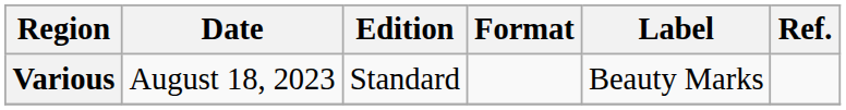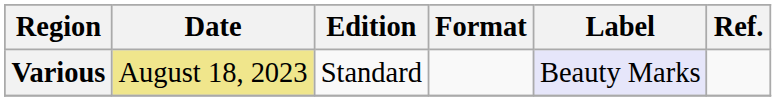 <table class="wikitable plainrowheaders">
 <tr>
 <th scope="col">Region</th>
 <th scope="col">Date</th>
 <th scope="col">Edition</th>
 <th scope="col">Format</th>
 <th scope="col">Label</th>
 <th scope="col">Ref.</th>
 </tr>
 <tr>
 <th scope="row">Various</th>
-<td>August 18, 2023</td>
+<td style="background: khaki;">August 18, 2023</td>
 <td>Standard</td>
 <td></td>
-<td>Beauty Marks</td>
+<td style="background: lavender;">Beauty Marks</td>
 <td></td>
 </tr>
 <tr>
 </tr>
 </table>
